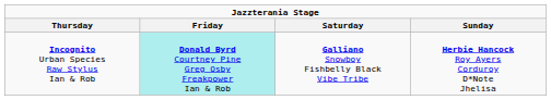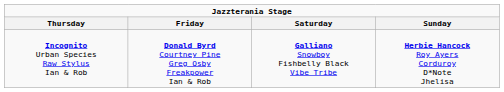 <table class="wikitable">
 <tr>
 <td colspan="4" style="text-align:center;"><strong>Jazzterania Stage</strong></td>
 </tr>
 <tr>
 <th>Thursday</th>
 <th>Friday</th>
 <th>Saturday</th>
 <th>Sunday</th>
 </tr>
 <tr>
 <td style="text-align:center; vertical-align:top; width:200px;"><br><strong><a href='#'>Incognito</a></strong><br> Urban Species<br> <a href='#'>Raw Stylus</a><br> Ian & Rob<br></td>
-<td style="background: paleturquoise; text-align:center; vertical-align:top; width:200px;"><br><strong><a href='#'>Donald Byrd</a></strong><br> <a href='#'>Courtney Pine</a><br> <a href='#'>Greg Osby</a><br> <a href='#'>Freakpower</a><br> Ian & Rob</td>
+<td style="text-align:center; vertical-align:top; width:200px;"><br><strong><a href='#'>Donald Byrd</a></strong><br> <a href='#'>Courtney Pine</a><br> <a href='#'>Greg Osby</a><br> <a href='#'>Freakpower</a><br> Ian & Rob</td>
 <td style="text-align:center; vertical-align:top; width:200px;"><br><strong><a href='#'>Galliano</a></strong><br> <a href='#'>Snowboy</a><br> Fishbelly Black<br> <a href='#'>Vibe Tribe</a><br></td>
 <td style="text-align:center; vertical-align:top; width:200px;"><br><strong><a href='#'>Herbie Hancock</a></strong><br> <a href='#'>Roy Ayers</a><br> <a href='#'>Corduroy</a><br> D*Note<br> Jhelisa<br></td>
 </tr>
 </table>
